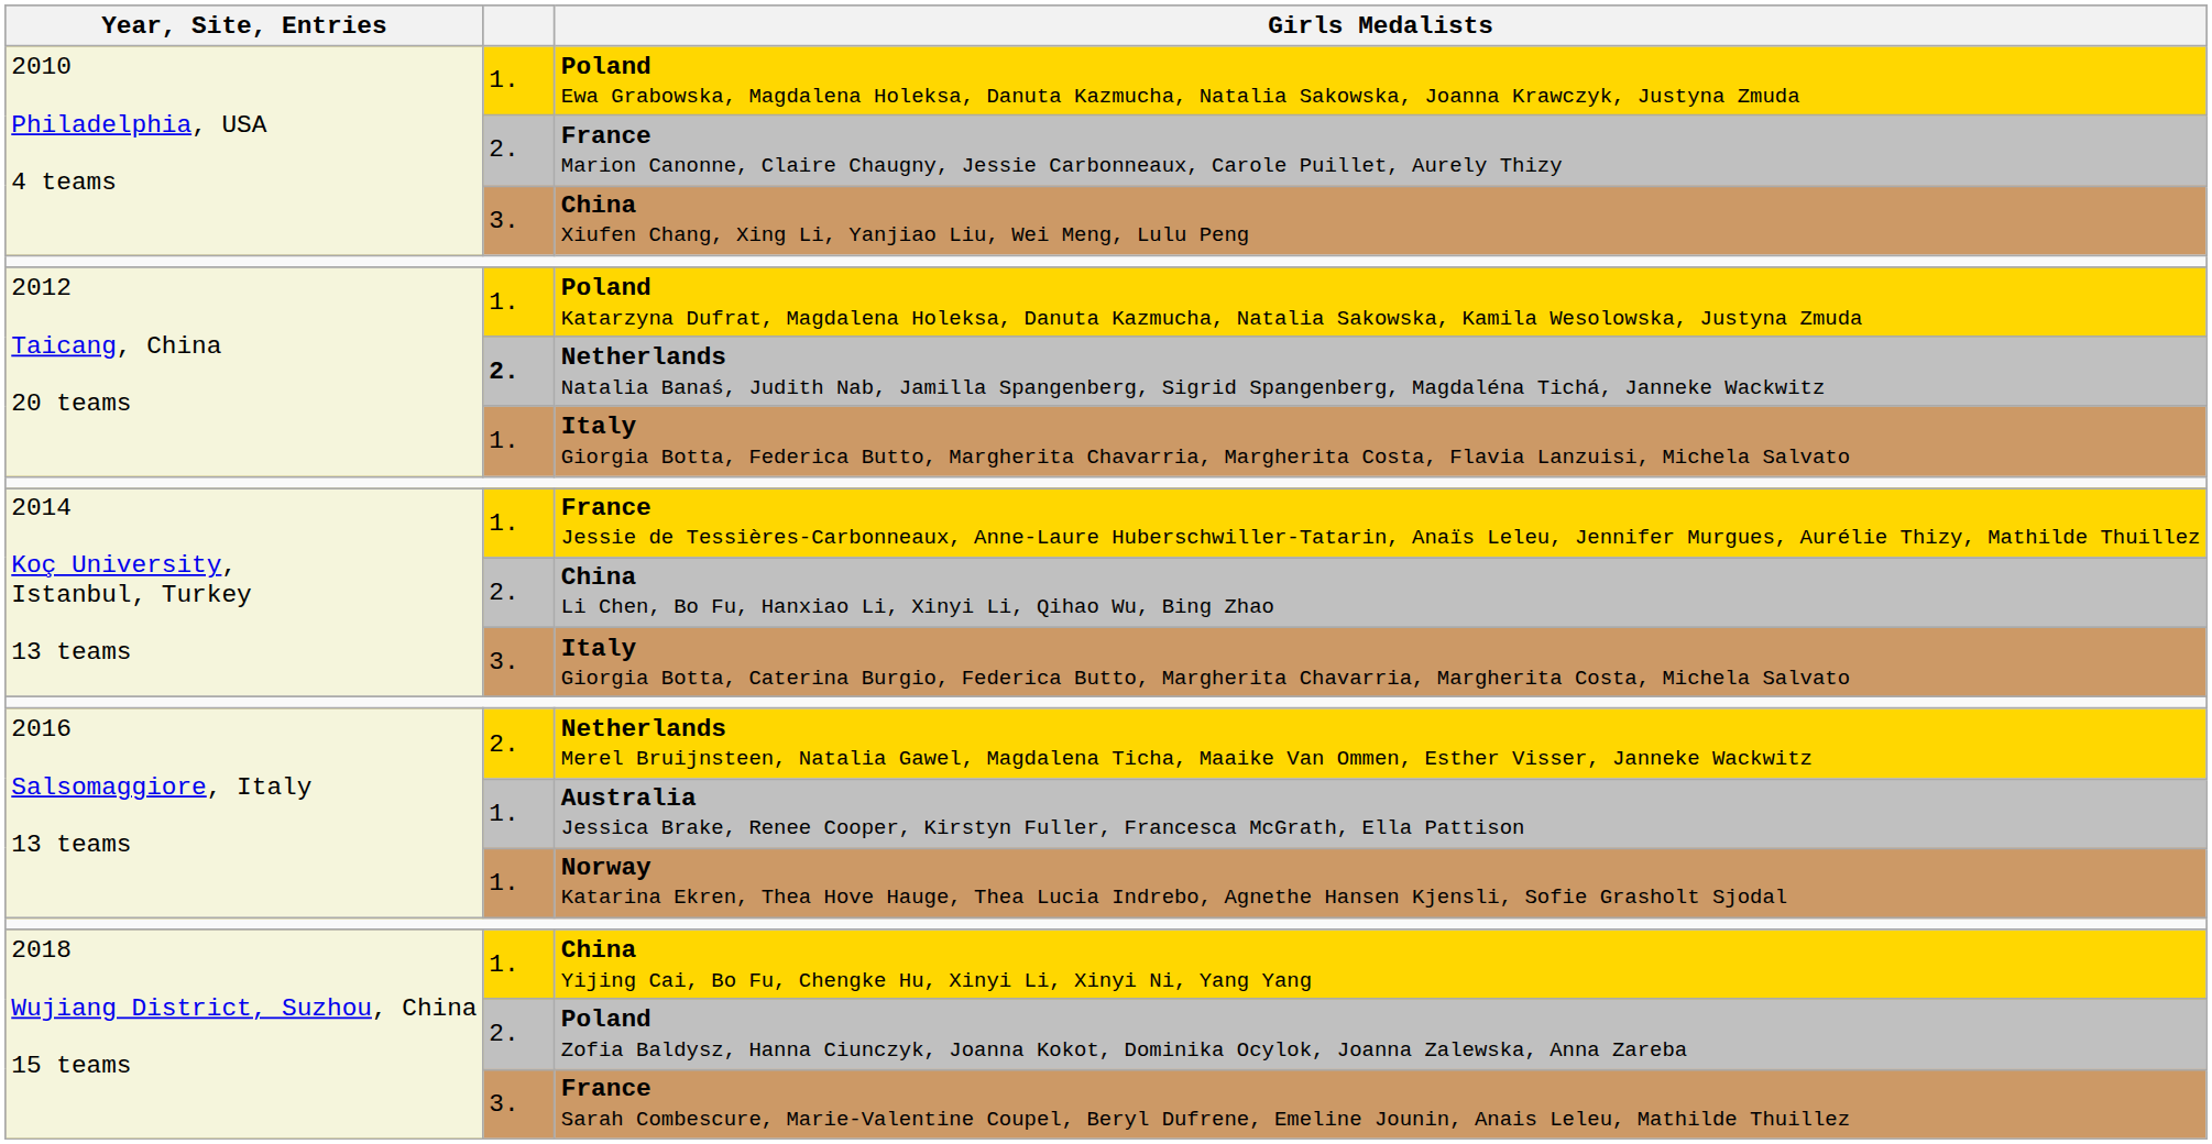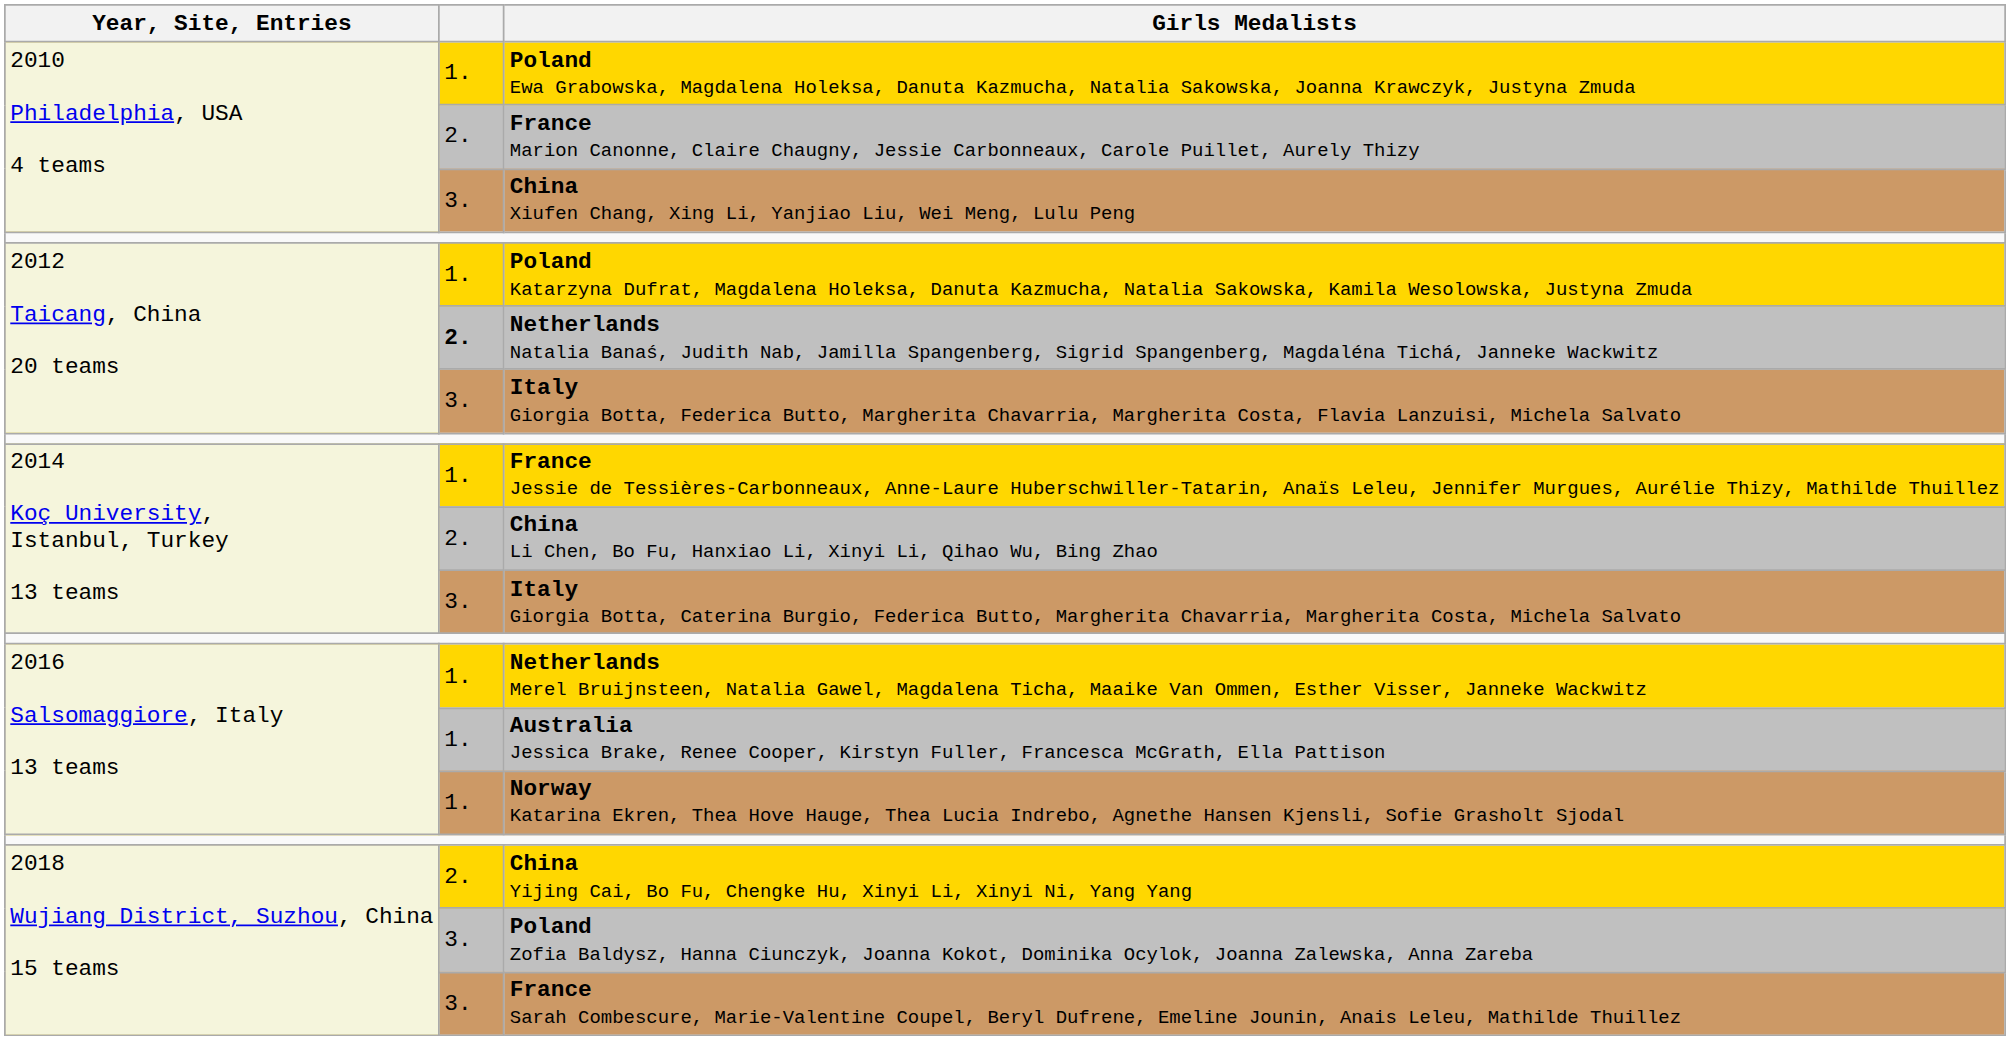 <table class=wikitable>
 <tr>
 <th>Year, Site, Entries</th>
 <th></th>
 <th>Girls Medalists</th>
 </tr>
 <tr bgcolor="gold">
 <td rowspan=3 bgcolor="beige" valign="Top">2010 <br><br><a href='#'>Philadelphia</a>, USA <br> <br>4 teams</td>
 <td>1.  </td>
 <td> <strong>Poland</strong> <br><small>Ewa Grabowska, Magdalena Holeksa, Danuta Kazmucha, Natalia Sakowska, Joanna Krawczyk, Justyna Zmuda</small></td>
 </tr>
 <tr bgcolor="silver">
 <td>2.</td>
 <td> <strong>France</strong> <br><small>Marion Canonne, Claire Chaugny, Jessie Carbonneaux, Carole Puillet, Aurely Thizy</small></td>
 </tr>
 <tr bgcolor="cc9966">
 <td>3.</td>
 <td> <strong>China</strong> <br><small>Xiufen Chang, Xing Li, Yanjiao Liu, Wei Meng, Lulu Peng</small></td>
 </tr>
 <tr>
 <td colspan=3></td>
 </tr>
 <tr bgcolor="gold">
 <td rowspan=3 bgcolor="beige" valign="Top">2012 <br><br><a href='#'>Taicang</a>, China <br> <br>20 teams</td>
 <td>1.</td>
 <td> <strong>Poland</strong> <br><small>Katarzyna Dufrat, Magdalena Holeksa, Danuta Kazmucha, Natalia Sakowska, Kamila Wesolowska, Justyna Zmuda</small></td>
 </tr>
 <tr bgcolor="silver">
 <td><strong>2.</strong></td>
 <td> <strong>Netherlands</strong> <br><small>Natalia Banaś, Judith Nab, Jamilla Spangenberg, Sigrid Spangenberg, Magdaléna Tichá, Janneke Wackwitz</small></td>
 </tr>
 <tr bgcolor="cc9966">
-<td>1.</td>
+<td>3.</td>
 <td> <strong>Italy</strong> <br><small>Giorgia Botta, Federica Butto, Margherita Chavarria, Margherita Costa, Flavia Lanzuisi, Michela Salvato</small></td>
 </tr>
 <tr>
 <td colspan=3></td>
 </tr>
 <tr bgcolor="gold">
 <td rowspan=3 bgcolor="beige" valign="Top">2014 <br><br><a href='#'>Koç University</a>, <br>Istanbul, Turkey <br> <br>13 teams </td>
 <td>1.</td>
 <td> <strong>France</strong> <br><small>Jessie de Tessières-Carbonneaux, Anne-Laure Huberschwiller-Tatarin, Anaïs Leleu, Jennifer Murgues, Aurélie Thizy, Mathilde Thuillez</small></td>
 </tr>
 <tr bgcolor="silver">
 <td>2.</td>
 <td> <strong>China</strong> <br><small>Li Chen, Bo Fu, Hanxiao Li, Xinyi Li, Qihao Wu, Bing Zhao</small></td>
 </tr>
 <tr bgcolor="cc9966">
 <td>3.</td>
 <td> <strong>Italy</strong> <br><small>Giorgia Botta, Caterina Burgio, Federica Butto, Margherita Chavarria, Margherita Costa, Michela Salvato</small> </td>
 </tr>
 <tr>
 <td colspan=3></td>
 </tr>
 <tr bgcolor="gold">
 <td rowspan=3 bgcolor="beige" valign="Top">2016 <br><br><a href='#'>Salsomaggiore</a>, Italy<br><br>13 teams </td>
-<td>2.</td>
+<td>1.</td>
 <td> <strong>Netherlands</strong> <br><small>Merel Bruijnsteen, Natalia Gawel, Magdalena Ticha, Maaike Van Ommen, Esther Visser, Janneke Wackwitz</small></td>
 </tr>
 <tr bgcolor="silver">
 <td>1.</td>
 <td> <strong>Australia</strong> <br><small>Jessica Brake, Renee Cooper, Kirstyn Fuller, Francesca McGrath, Ella Pattison</small></td>
 </tr>
 <tr bgcolor="cc9966">
 <td>1.</td>
 <td> <strong>Norway</strong> <br><small>Katarina Ekren, Thea Hove Hauge, Thea Lucia Indrebo, Agnethe Hansen Kjensli, Sofie Grasholt Sjodal</small></td>
 </tr>
 <tr>
 <td colspan=3></td>
 </tr>
 <tr bgcolor="gold">
 <td rowspan=3 bgcolor="beige" valign="Top">2018 <br><br><a href='#'>Wujiang District, Suzhou</a>, China <br> <br>15 teams </td>
-<td>1.</td>
+<td>2.</td>
 <td> <strong>China</strong> <br><small>Yijing Cai, Bo Fu, Chengke Hu, Xinyi Li, Xinyi Ni, Yang Yang</small></td>
 </tr>
 <tr bgcolor="silver">
-<td>2.</td>
+<td>3.</td>
 <td> <strong>Poland</strong> <br><small>Zofia Baldysz, Hanna Ciunczyk, Joanna Kokot, Dominika Ocylok, Joanna Zalewska, Anna Zareba</small></td>
 </tr>
 <tr bgcolor="cc9966">
 <td>3.</td>
 <td> <strong>France</strong> <br><small>Sarah Combescure, Marie-Valentine Coupel, Beryl Dufrene, Emeline Jounin, Anais Leleu, Mathilde Thuillez</small></td>
 </tr>
 <tr>
 </tr>
 </table>
